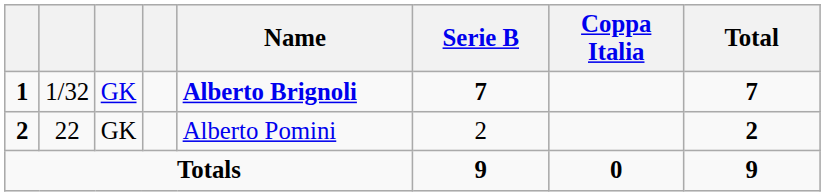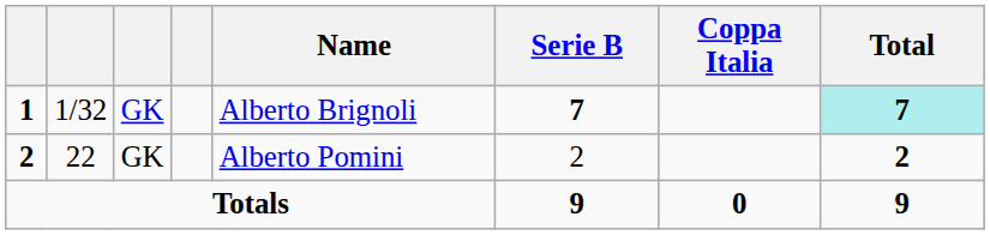 <table class="wikitable" style="text-align:center">
 <tr>
 <th width=15></th>
 <th width=15></th>
 <th width=15></th>
 <th width=15></th>
 <th width=145>Name</th>
 <th width=80><strong><a href='#'>Serie B</a></strong></th>
 <th width=80><strong><a href='#'>Coppa Italia</a></strong></th>
 <th width=80>Total</th>
 </tr>
 <tr>
 <td><strong>1</strong></td>
 <td>1/32</td>
 <td><a href='#'>GK</a></td>
 <td></td>
-<td align=left><strong><a href='#'>Alberto Brignoli</a></strong></td>
+<td align=left><a href='#'>Alberto Brignoli</a></td>
 <td><strong>7</strong></td>
 <td></td>
-<td><strong>7</strong></td>
+<td style="background: paleturquoise;"><strong>7</strong></td>
 </tr>
 <tr>
 <td><strong>2</strong></td>
 <td>22</td>
 <td>GK</td>
 <td></td>
 <td align=left><a href='#'>Alberto Pomini</a></td>
 <td>2</td>
 <td></td>
 <td><strong>2</strong></td>
 </tr>
 <tr>
 <td colspan=5><strong>Totals</strong></td>
 <td><strong>9</strong></td>
 <td><strong>0</strong></td>
 <td><strong>9</strong></td>
 </tr>
 </table>
